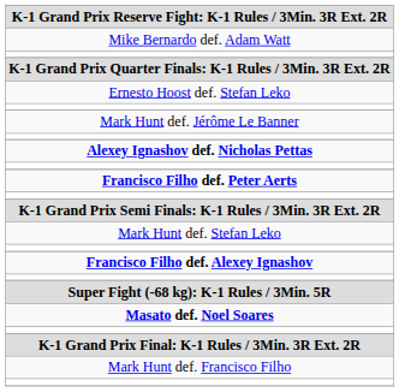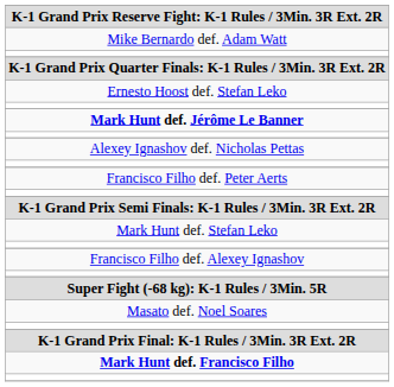 <table class="wikitable" style="clear:both; margin:1.5em auto; text-align:center;">
 <tr>
 </tr>
 <tr align="center"  bgcolor="#dddddd">
 <td><strong>K-1 Grand Prix Reserve Fight: K-1 Rules / 3Min. 3R Ext. 2R</strong></td>
 </tr>
 <tr align="center"  bgcolor=>
 <td align=center> <a href='#'>Mike Bernardo</a> def. <a href='#'>Adam Watt</a> </td>
 </tr>
 <tr>
 <th style=background:white colspan=2></th>
 </tr>
 <tr>
 </tr>
 <tr align="center"  bgcolor="#dddddd">
 <td><strong>K-1 Grand Prix Quarter Finals: K-1 Rules / 3Min. 3R Ext. 2R</strong></td>
 </tr>
 <tr align="center"  bgcolor=>
 <td align=center> <a href='#'>Ernesto Hoost</a> def. <a href='#'>Stefan Leko</a> </td>
 </tr>
 <tr>
 <th style=background:white colspan=2></th>
 </tr>
 <tr>
 </tr>
 <tr align="center"  bgcolor=>
-<td align=center> <a href='#'>Mark Hunt</a> def. <a href='#'>Jérôme Le Banner</a> </td>
+<td align=center><strong> <a href='#'>Mark Hunt</a> def. <a href='#'>Jérôme Le Banner</a> </strong></td>
 </tr>
 <tr>
 <th style=background:white colspan=2></th>
 </tr>
 <tr>
 </tr>
 <tr align="center"  bgcolor=>
-<td align=center><strong> <a href='#'>Alexey Ignashov</a> def. <a href='#'>Nicholas Pettas</a> </strong></td>
+<td align=center> <a href='#'>Alexey Ignashov</a> def. <a href='#'>Nicholas Pettas</a> </td>
 </tr>
 <tr>
 <th style=background:white colspan=2></th>
 </tr>
 <tr>
 </tr>
 <tr align="center"  bgcolor=>
-<td align=center><strong> <a href='#'>Francisco Filho</a> def. <a href='#'>Peter Aerts</a> </strong></td>
+<td align=center> <a href='#'>Francisco Filho</a> def. <a href='#'>Peter Aerts</a> </td>
 </tr>
 <tr>
 <th style=background:white colspan=2></th>
 </tr>
 <tr>
 </tr>
 <tr align="center"  bgcolor="#dddddd">
 <td><strong>K-1 Grand Prix Semi Finals: K-1 Rules / 3Min. 3R Ext. 2R</strong></td>
 </tr>
 <tr align="center"  bgcolor=>
 <td align=center> <a href='#'>Mark Hunt</a> def. <a href='#'>Stefan Leko</a> </td>
 </tr>
 <tr>
 <th style=background:white colspan=2></th>
 </tr>
 <tr>
 </tr>
 <tr align="center"  bgcolor=>
-<td align=center><strong> <a href='#'>Francisco Filho</a> def. <a href='#'>Alexey Ignashov</a> </strong></td>
+<td align=center> <a href='#'>Francisco Filho</a> def. <a href='#'>Alexey Ignashov</a> </td>
 </tr>
 <tr>
 <th style=background:white colspan=2></th>
 </tr>
 <tr>
 </tr>
 <tr align="center"  bgcolor="#dddddd">
 <td><strong>Super Fight (-68 kg): K-1 Rules / 3Min. 5R</strong></td>
 </tr>
 <tr align="center"  bgcolor=>
-<td align=center><strong> <a href='#'>Masato</a> def. <a href='#'>Noel Soares</a> </strong></td>
+<td align=center> <a href='#'>Masato</a> def. <a href='#'>Noel Soares</a> </td>
 </tr>
 <tr>
 <th style=background:white colspan=2></th>
 </tr>
 <tr>
 </tr>
 <tr align="center"  bgcolor="#dddddd">
 <td><strong>K-1 Grand Prix Final: K-1 Rules / 3Min. 3R Ext. 2R</strong></td>
 </tr>
 <tr align="center"  bgcolor=>
-<td align=center> <a href='#'>Mark Hunt</a> def. <a href='#'>Francisco Filho</a> </td>
+<td align=center><strong> <a href='#'>Mark Hunt</a> def. <a href='#'>Francisco Filho</a> </strong></td>
 </tr>
 <tr>
 <th style=background:white colspan=2></th>
 </tr>
 <tr>
 </tr>
 </table>
